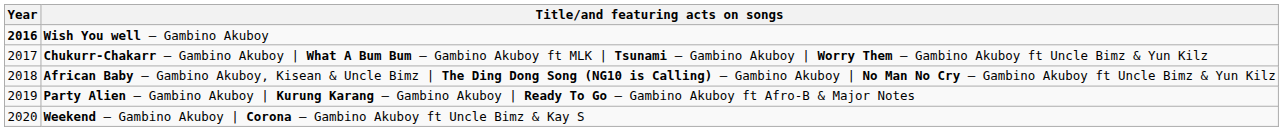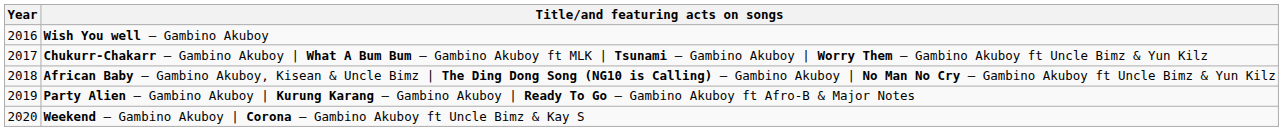 <table class="wikitable">
 <tr>
 <th>Year</th>
 <th>Title/and featuring acts on songs</th>
 </tr>
 <tr>
-<td><strong>2016</strong></td>
+<td>2016</td>
 <td><strong>Wish You well</strong> – Gambino Akuboy</td>
 </tr>
 <tr>
 <td>2017</td>
 <td><strong>Chukurr-Chakarr</strong> – Gambino Akuboy | <strong>What A Bum Bum</strong> – Gambino Akuboy ft MLK | <strong>Tsunami</strong> – Gambino Akuboy | <strong>Worry Them</strong> – Gambino Akuboy ft Uncle Bimz & Yun Kilz</td>
 </tr>
 <tr>
 <td>2018</td>
 <td><strong>African Baby</strong> – Gambino Akuboy, Kisean & Uncle Bimz | <strong>The Ding Dong Song (NG10 is Calling)</strong> – Gambino Akuboy | <strong>No Man No Cry</strong> – Gambino Akuboy ft Uncle Bimz & Yun Kilz</td>
 </tr>
 <tr>
 <td>2019</td>
 <td><strong>Party Alien</strong> – Gambino Akuboy | <strong>Kurung Karang</strong> – Gambino Akuboy | <strong>Ready To Go</strong> – Gambino Akuboy ft Afro-B & Major Notes</td>
 </tr>
 <tr>
 <td>2020</td>
 <td><strong>Weekend</strong> – Gambino Akuboy | <strong>Corona</strong> – Gambino Akuboy ft Uncle Bimz & Kay S</td>
 </tr>
 </table>
